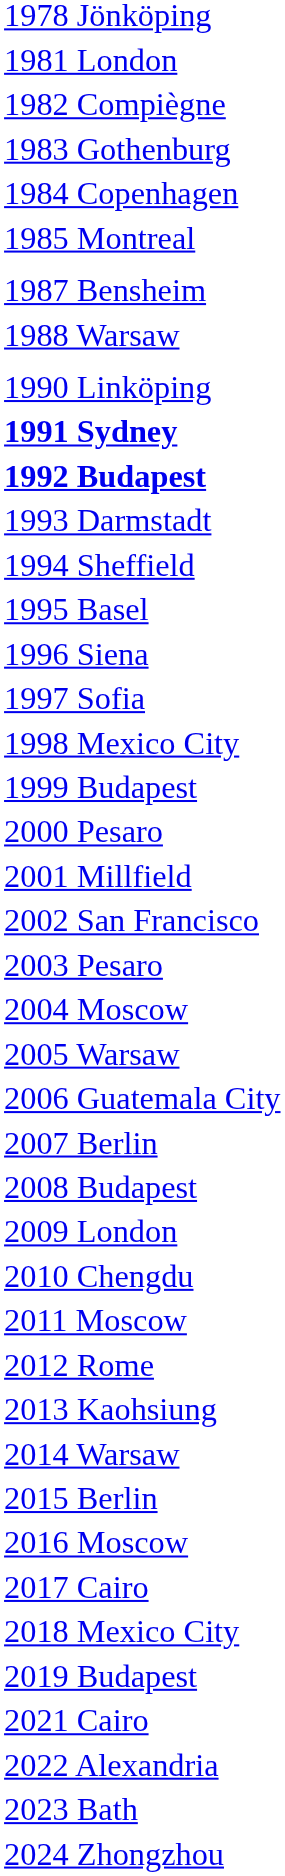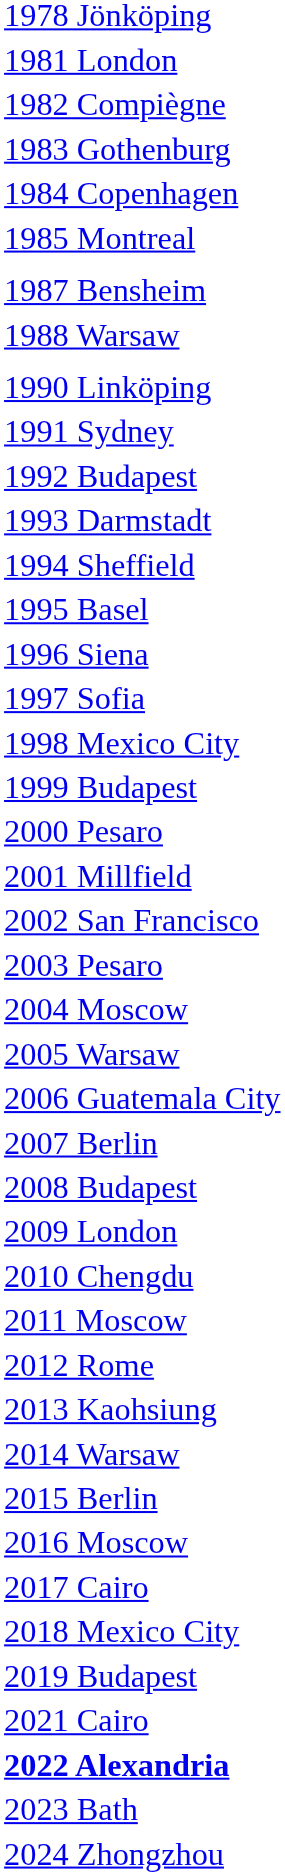 <table>
 <tr>
 <td><a href='#'>1978 Jönköping</a></td>
 <td></td>
 <td></td>
 <td></td>
 </tr>
 <tr>
 <td><a href='#'>1981 London</a></td>
 <td></td>
 <td></td>
 <td></td>
 </tr>
 <tr>
 <td><a href='#'>1982 Compiègne</a></td>
 <td></td>
 <td></td>
 <td></td>
 </tr>
 <tr>
 <td><a href='#'>1983 Gothenburg</a></td>
 <td></td>
 <td></td>
 <td></td>
 </tr>
 <tr>
 <td><a href='#'>1984 Copenhagen</a></td>
 <td></td>
 <td></td>
 <td></td>
 </tr>
 <tr>
 <td><a href='#'>1985 Montreal</a></td>
 <td></td>
 <td></td>
 <td></td>
 </tr>
 <tr>
 <td></td>
 <td></td>
 <td></td>
 <td></td>
 </tr>
 <tr>
 <td><a href='#'>1987 Bensheim</a></td>
 <td></td>
 <td></td>
 <td></td>
 </tr>
 <tr>
 <td><a href='#'>1988 Warsaw</a></td>
 <td></td>
 <td></td>
 <td></td>
 </tr>
 <tr>
 <td></td>
 <td></td>
 <td></td>
 <td></td>
 </tr>
 <tr>
 <td><a href='#'>1990 Linköping</a></td>
 <td></td>
 <td></td>
 <td></td>
 </tr>
 <tr>
-<td><strong><a href='#'>1991 Sydney</a></strong></td>
+<td><a href='#'>1991 Sydney</a></td>
 <td></td>
 <td></td>
 <td></td>
 </tr>
 <tr>
-<td><strong><a href='#'>1992 Budapest</a></strong></td>
+<td><a href='#'>1992 Budapest</a></td>
 <td></td>
 <td></td>
 <td></td>
 </tr>
 <tr>
 <td><a href='#'>1993 Darmstadt</a></td>
 <td></td>
 <td></td>
 <td></td>
 </tr>
 <tr>
 <td><a href='#'>1994 Sheffield</a></td>
 <td></td>
 <td></td>
 <td></td>
 </tr>
 <tr>
 <td><a href='#'>1995 Basel</a></td>
 <td></td>
 <td></td>
 <td></td>
 </tr>
 <tr>
 <td><a href='#'>1996 Siena</a></td>
 <td></td>
 <td></td>
 <td></td>
 </tr>
 <tr>
 <td><a href='#'>1997 Sofia</a></td>
 <td></td>
 <td></td>
 <td></td>
 </tr>
 <tr>
 <td><a href='#'>1998 Mexico City</a></td>
 <td></td>
 <td></td>
 <td></td>
 </tr>
 <tr>
 <td><a href='#'>1999 Budapest</a></td>
 <td></td>
 <td></td>
 <td></td>
 </tr>
 <tr>
 <td><a href='#'>2000 Pesaro</a></td>
 <td></td>
 <td></td>
 <td></td>
 </tr>
 <tr>
 <td><a href='#'>2001 Millfield</a></td>
 <td></td>
 <td></td>
 <td></td>
 </tr>
 <tr>
 <td><a href='#'>2002 San Francisco</a></td>
 <td></td>
 <td></td>
 <td></td>
 </tr>
 <tr>
 <td><a href='#'>2003 Pesaro</a></td>
 <td></td>
 <td></td>
 <td></td>
 </tr>
 <tr>
 <td><a href='#'>2004 Moscow</a></td>
 <td></td>
 <td></td>
 <td></td>
 </tr>
 <tr>
 <td><a href='#'>2005 Warsaw</a></td>
 <td></td>
 <td></td>
 <td></td>
 </tr>
 <tr>
 <td><a href='#'>2006 Guatemala City</a></td>
 <td></td>
 <td></td>
 <td></td>
 </tr>
 <tr>
 <td><a href='#'>2007 Berlin</a></td>
 <td></td>
 <td></td>
 <td></td>
 </tr>
 <tr>
 <td><a href='#'>2008 Budapest</a></td>
 <td></td>
 <td></td>
 <td></td>
 </tr>
 <tr>
 <td><a href='#'>2009 London</a></td>
 <td></td>
 <td></td>
 <td></td>
 </tr>
 <tr>
 <td><a href='#'>2010 Chengdu</a></td>
 <td></td>
 <td></td>
 <td></td>
 </tr>
 <tr>
 <td><a href='#'>2011 Moscow</a></td>
 <td></td>
 <td></td>
 <td></td>
 </tr>
 <tr>
 <td><a href='#'>2012 Rome</a></td>
 <td></td>
 <td></td>
 <td></td>
 </tr>
 <tr>
 <td><a href='#'>2013 Kaohsiung</a></td>
 <td></td>
 <td></td>
 <td></td>
 </tr>
 <tr>
 <td><a href='#'>2014 Warsaw</a></td>
 <td></td>
 <td></td>
 <td></td>
 </tr>
 <tr>
 <td><a href='#'>2015 Berlin</a></td>
 <td></td>
 <td></td>
 <td></td>
 </tr>
 <tr>
 <td><a href='#'>2016 Moscow</a></td>
 <td></td>
 <td></td>
 <td></td>
 </tr>
 <tr>
 <td><a href='#'>2017 Cairo</a></td>
 <td></td>
 <td></td>
 <td></td>
 </tr>
 <tr>
 <td><a href='#'>2018 Mexico City</a></td>
 <td></td>
 <td></td>
 <td></td>
 </tr>
 <tr>
 <td><a href='#'>2019 Budapest</a></td>
 <td></td>
 <td></td>
 <td></td>
 </tr>
 <tr>
 <td><a href='#'>2021 Cairo</a></td>
 <td></td>
 <td></td>
 <td></td>
 </tr>
 <tr>
-<td><a href='#'>2022 Alexandria</a></td>
+<td><strong><a href='#'>2022 Alexandria</a></strong></td>
 <td></td>
 <td></td>
 <td></td>
 </tr>
 <tr>
 <td><a href='#'>2023 Bath</a></td>
 <td></td>
 <td></td>
 <td></td>
 </tr>
 <tr>
 <td><a href='#'>2024 Zhongzhou</a></td>
 <td></td>
 <td></td>
 <td></td>
 </tr>
 </table>
